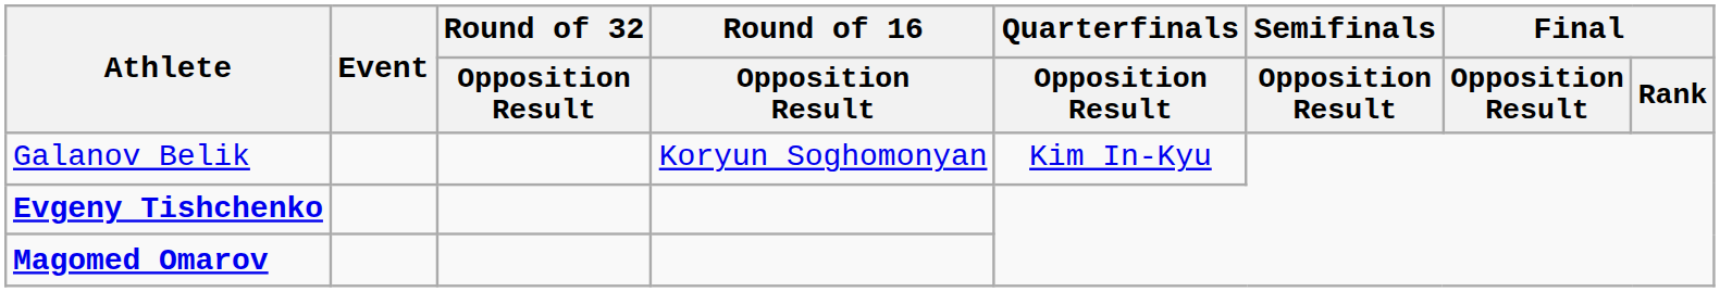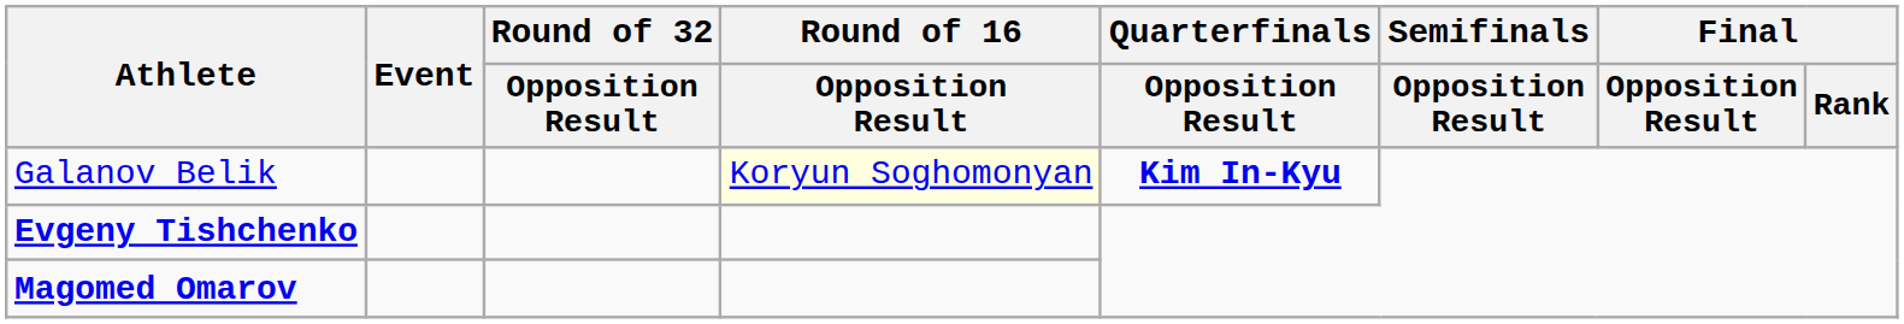 <table class="wikitable" style="font-size:90%">
 <tr>
 <th rowspan="2">Athlete</th>
 <th rowspan="2">Event</th>
 <th>Round of 32</th>
 <th>Round of 16</th>
 <th>Quarterfinals</th>
 <th>Semifinals</th>
 <th colspan=2>Final</th>
 </tr>
 <tr style="font-size:95%">
 <th>Opposition<br>Result</th>
 <th>Opposition<br>Result</th>
 <th>Opposition<br>Result</th>
 <th>Opposition<br>Result</th>
 <th>Opposition<br>Result</th>
 <th>Rank</th>
 </tr>
 <tr align=center>
 <td align=left><a href='#'>Galanov Belik</a></td>
 <td align=left></td>
 <td></td>
-<td> <a href='#'>Koryun Soghomonyan</a></td>
-<td> <a href='#'>Kim In-Kyu</a></td>
+<td style="background: lightyellow;"> <a href='#'>Koryun Soghomonyan</a></td>
+<td><strong> <a href='#'>Kim In-Kyu</a></strong></td>
 </tr>
 <tr align=center>
 <td align=left><strong><a href='#'>Evgeny Tishchenko</a></strong></td>
 <td align=left></td>
 <td></td>
 <td></td>
 </tr>
 <tr align=center>
 <td align=left><strong><a href='#'>Magomed Omarov</a></strong></td>
 <td align=left></td>
 <td></td>
 <td></td>
 </tr>
 </table>
